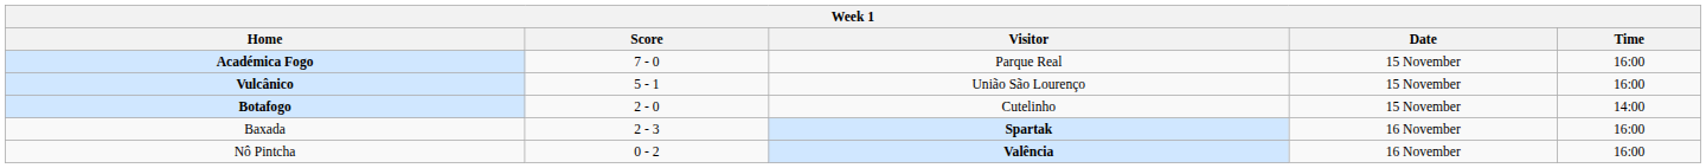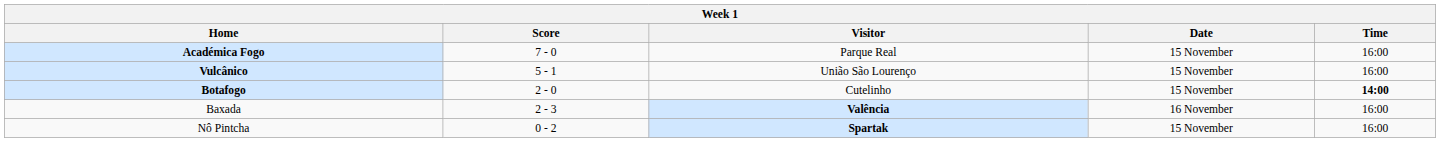 <table class="wikitable" style="margin:1em auto; font-size:95%; text-align: center; width: 95%;">
 <tr>
 <th colspan="12"  style="with:100%;">Week 1</th>
 </tr>
 <tr>
 <th style="width:200px;">Home</th>
 <th width="90">Score</th>
 <th style="width:200px;">Visitor</th>
 <th style="width:100px;">Date</th>
 <th style="width:50px;">Time</th>
 </tr>
 <tr>
 <td bgcolor=#D0E7FF><strong>Académica Fogo</strong></td>
 <td>7 - 0</td>
 <td>Parque Real</td>
 <td>15 November</td>
 <td>16:00</td>
 </tr>
 <tr>
 <td bgcolor=#D0E7FF><strong>Vulcânico</strong></td>
 <td>5 - 1</td>
 <td>União São Lourenço</td>
 <td>15 November</td>
 <td>16:00</td>
 </tr>
 <tr>
 <td bgcolor=#D0E7FF><strong>Botafogo</strong></td>
 <td>2 - 0</td>
 <td>Cutelinho</td>
 <td>15 November</td>
-<td>14:00</td>
+<td><strong>14:00</strong></td>
 </tr>
 <tr>
 <td>Baxada</td>
 <td>2 - 3</td>
-<td bgcolor=#D0E7FF><strong>Spartak</strong></td>
+<td bgcolor=#D0E7FF><strong>Valência</strong></td>
 <td>16 November</td>
 <td>16:00</td>
 </tr>
 <tr>
 <td>Nô Pintcha</td>
 <td>0 - 2</td>
-<td bgcolor=#D0E7FF><strong>Valência</strong></td>
-<td>16 November</td>
+<td bgcolor=#D0E7FF><strong>Spartak</strong></td>
+<td>15 November</td>
 <td>16:00</td>
 </tr>
 </table>
